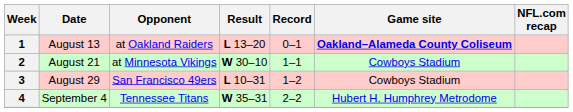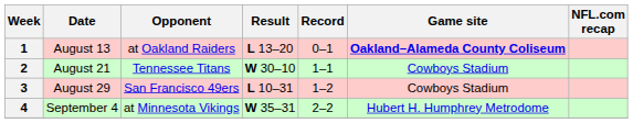 <table class="wikitable" "align=center">
 <tr>
 <th>Week</th>
 <th>Date</th>
 <th>Opponent</th>
 <th>Result</th>
 <th>Record</th>
 <th>Game site</th>
 <th>NFL.com<br>recap</th>
 </tr>
 <tr align="center" bgcolor="#ffcccc">
 <th>1</th>
 <td>August 13</td>
 <td>at <a href='#'>Oakland Raiders</a></td>
 <td><strong>L</strong> 13–20</td>
 <td>0–1</td>
 <td><strong><a href='#'>Oakland–Alameda County Coliseum</a></strong></td>
 <td></td>
 </tr>
 <tr align="center" bgcolor="#ccffcc">
 <th>2</th>
 <td>August 21</td>
-<td>at <a href='#'>Minnesota Vikings</a></td>
+<td><a href='#'>Tennessee Titans</a></td>
 <td><strong>W</strong> 30–10</td>
 <td>1–1</td>
 <td><a href='#'>Cowboys Stadium</a></td>
 <td></td>
 </tr>
 <tr align="center" bgcolor="#ffcccc">
 <th>3</th>
 <td>August 29</td>
 <td><a href='#'>San Francisco 49ers</a></td>
 <td><strong>L</strong> 10–31</td>
 <td>1–2</td>
 <td>Cowboys Stadium</td>
 <td></td>
 </tr>
 <tr align="center" bgcolor="#ccffcc">
 <th>4</th>
 <td>September 4</td>
-<td><a href='#'>Tennessee Titans</a></td>
+<td>at <a href='#'>Minnesota Vikings</a></td>
 <td><strong>W</strong> 35–31</td>
 <td>2–2</td>
 <td><a href='#'>Hubert H. Humphrey Metrodome</a></td>
 <td></td>
 </tr>
 <tr>
 </tr>
 </table>
